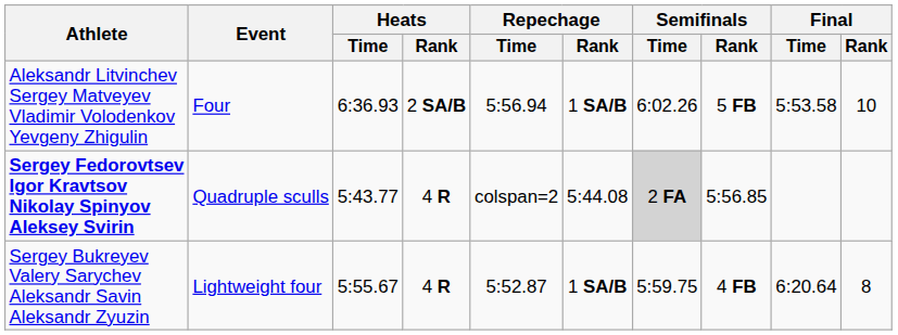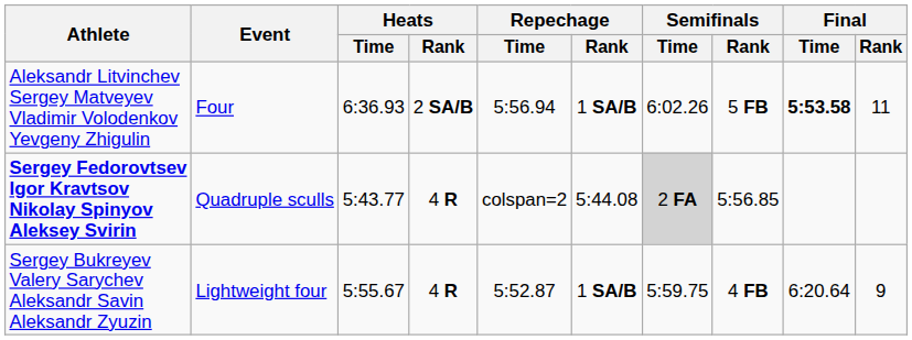 <table class="wikitable" style="font-size:90%;">
 <tr>
 <th rowspan="2">Athlete</th>
 <th rowspan="2">Event</th>
 <th colspan="2">Heats</th>
 <th colspan="2">Repechage</th>
 <th colspan="2">Semifinals</th>
 <th colspan="2">Final</th>
 </tr>
 <tr style="font-size:95%">
 <th>Time</th>
 <th>Rank</th>
 <th>Time</th>
 <th>Rank</th>
 <th>Time</th>
 <th>Rank</th>
 <th>Time</th>
 <th>Rank</th>
 </tr>
 <tr align=center>
 <td align=left><a href='#'>Aleksandr Litvinchev</a><br><a href='#'>Sergey Matveyev</a><br><a href='#'>Vladimir Volodenkov</a><br><a href='#'>Yevgeny Zhigulin</a></td>
 <td align=left><a href='#'>Four</a></td>
 <td>6:36.93</td>
 <td>2 <strong>SA/B</strong></td>
 <td>5:56.94</td>
 <td>1 <strong>SA/B</strong></td>
 <td>6:02.26</td>
 <td>5 <strong>FB</strong></td>
-<td>5:53.58</td>
-<td>10</td>
+<td><strong>5:53.58</strong></td>
+<td>11</td>
 </tr>
 <tr align=center>
 <td align=left><strong><a href='#'>Sergey Fedorovtsev</a><br><a href='#'>Igor Kravtsov</a><br><a href='#'>Nikolay Spinyov</a><br><a href='#'>Aleksey Svirin</a></strong></td>
 <td align=left><a href='#'>Quadruple sculls</a></td>
 <td>5:43.77</td>
 <td>4 <strong>R</strong></td>
 <td>colspan=2 </td>
 <td>5:44.08</td>
 <td style="background: lightgrey;">2 <strong>FA</strong></td>
 <td>5:56.85</td>
 <td></td>
 </tr>
 <tr align=center>
 <td align=left><a href='#'>Sergey Bukreyev</a><br><a href='#'>Valery Sarychev</a><br><a href='#'>Aleksandr Savin</a><br><a href='#'>Aleksandr Zyuzin</a></td>
 <td align=left><a href='#'>Lightweight four</a></td>
 <td>5:55.67</td>
 <td>4 <strong>R</strong></td>
 <td>5:52.87</td>
 <td>1 <strong>SA/B</strong></td>
 <td>5:59.75</td>
 <td>4 <strong>FB</strong></td>
 <td>6:20.64</td>
-<td>8</td>
+<td>9</td>
 </tr>
 </table>
